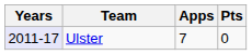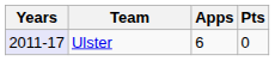 <table class="wikitable" style="text-align:left;">
 <tr>
 <th>Years</th>
 <th width=120px>Team</th>
 <th>Apps</th>
 <th>Pts</th>
 </tr>
 <tr>
 <td style="background: lavender;">2011-17</td>
 <td><a href='#'>Ulster</a></td>
-<td>7</td>
+<td>6</td>
 <td>0</td>
 </tr>
 </table>
